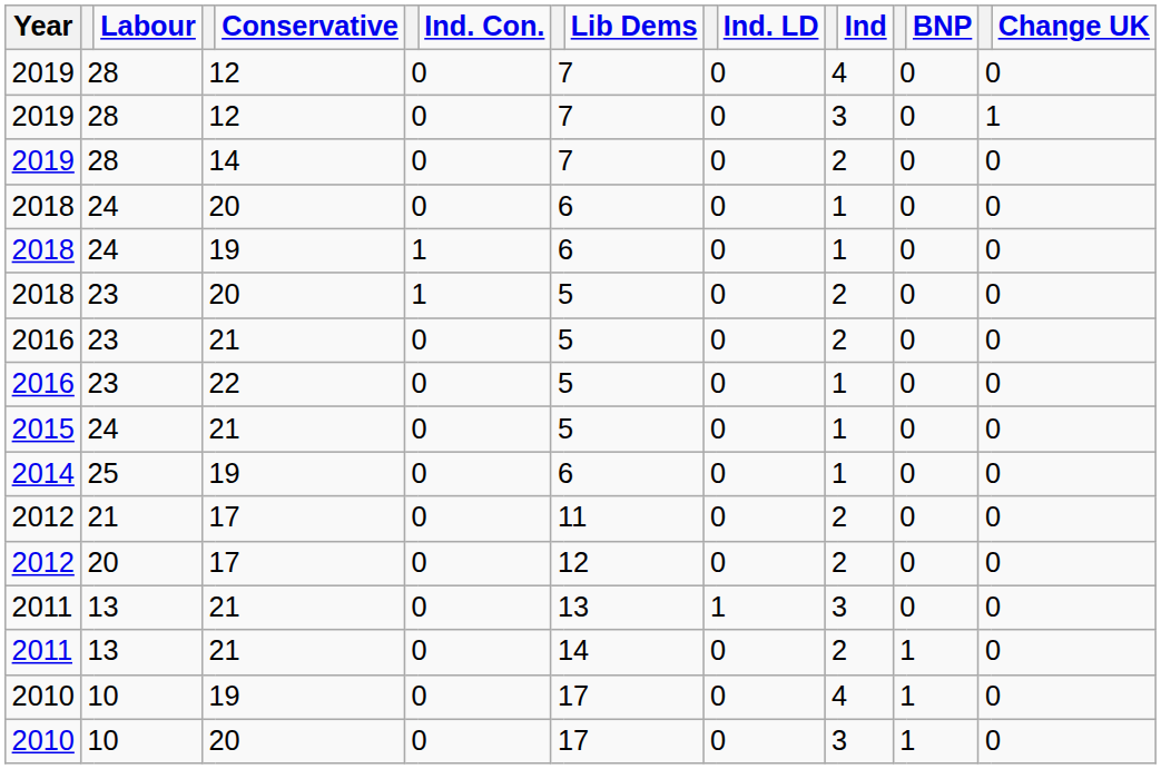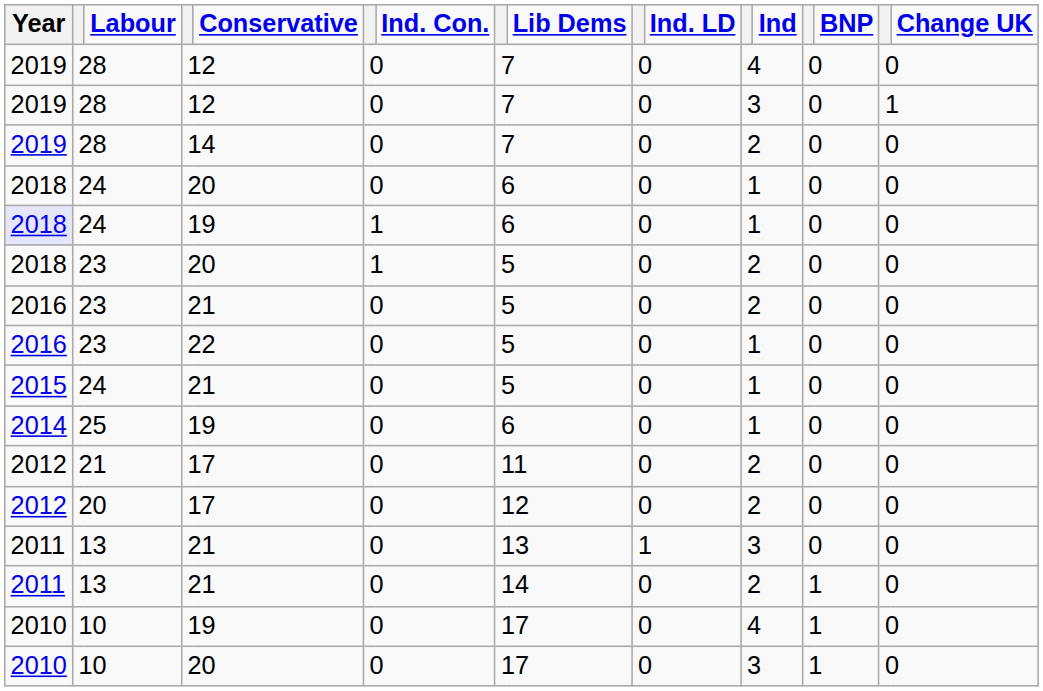 <table class="wikitable">
 <tr>
 <th>Year</th>
 <th style="background-color: "></th>
 <td><strong><a href='#'>Labour</a></strong></td>
 <th style="background-color: "></th>
 <td><strong><a href='#'>Conservative</a></strong></td>
 <th style="background-color: "></th>
 <td><strong><a href='#'>Ind. Con.</a></strong></td>
 <th style="background-color: "></th>
 <td><strong><a href='#'>Lib Dems</a></strong></td>
 <th style="background-color: "></th>
 <td><strong><a href='#'>Ind. LD</a></strong></td>
 <th style="background-color: "></th>
 <td><strong><a href='#'>Ind</a></strong></td>
 <th style="background-color: "></th>
 <td><strong><a href='#'>BNP</a></strong></td>
 <th style="background-color: "></th>
 <td><strong><a href='#'>Change UK</a></strong></td>
 </tr>
 <tr>
 <td>2019</td>
 <td colspan=2>28</td>
 <td colspan=2>12</td>
 <td colspan=2>0</td>
 <td colspan=2>7</td>
 <td colspan=2>0</td>
 <td colspan=2>4</td>
 <td colspan=2>0</td>
 <td colspan=2>0</td>
 </tr>
 <tr>
 <td>2019</td>
 <td colspan=2>28</td>
 <td colspan=2>12</td>
 <td colspan=2>0</td>
 <td colspan=2>7</td>
 <td colspan=2>0</td>
 <td colspan=2>3</td>
 <td colspan=2>0</td>
 <td colspan=2>1</td>
 </tr>
 <tr>
 <td><a href='#'>2019</a></td>
 <td colspan=2>28</td>
 <td colspan=2>14</td>
 <td colspan=2>0</td>
 <td colspan=2>7</td>
 <td colspan=2>0</td>
 <td colspan=2>2</td>
 <td colspan=2>0</td>
 <td colspan=2>0</td>
 </tr>
 <tr>
 <td>2018</td>
 <td colspan=2>24</td>
 <td colspan=2>20</td>
 <td colspan=2>0</td>
 <td colspan=2>6</td>
 <td colspan=2>0</td>
 <td colspan=2>1</td>
 <td colspan=2>0</td>
 <td colspan=2>0</td>
 </tr>
 <tr>
-<td><a href='#'>2018</a></td>
+<td style="background: lavender;"><a href='#'>2018</a></td>
 <td colspan=2>24</td>
 <td colspan=2>19</td>
 <td colspan=2>1</td>
 <td colspan=2>6</td>
 <td colspan=2>0</td>
 <td colspan=2>1</td>
 <td colspan=2>0</td>
 <td colspan=2>0</td>
 </tr>
 <tr>
 <td>2018</td>
 <td colspan=2>23</td>
 <td colspan=2>20</td>
 <td colspan=2>1</td>
 <td colspan=2>5</td>
 <td colspan=2>0</td>
 <td colspan=2>2</td>
 <td colspan=2>0</td>
 <td colspan=2>0</td>
 </tr>
 <tr>
 <td>2016</td>
 <td colspan=2>23</td>
 <td colspan=2>21</td>
 <td colspan=2>0</td>
 <td colspan=2>5</td>
 <td colspan=2>0</td>
 <td colspan=2>2</td>
 <td colspan=2>0</td>
 <td colspan=2>0</td>
 </tr>
 <tr>
 <td><a href='#'>2016</a></td>
 <td colspan=2>23</td>
 <td colspan=2>22</td>
 <td colspan=2>0</td>
 <td colspan=2>5</td>
 <td colspan=2>0</td>
 <td colspan=2>1</td>
 <td colspan=2>0</td>
 <td colspan=2>0</td>
 </tr>
 <tr>
 <td><a href='#'>2015</a></td>
 <td colspan=2>24</td>
 <td colspan=2>21</td>
 <td colspan=2>0</td>
 <td colspan=2>5</td>
 <td colspan=2>0</td>
 <td colspan=2>1</td>
 <td colspan=2>0</td>
 <td colspan=2>0</td>
 </tr>
 <tr>
 <td><a href='#'>2014</a></td>
 <td colspan=2>25</td>
 <td colspan=2>19</td>
 <td colspan=2>0</td>
 <td colspan=2>6</td>
 <td colspan=2>0</td>
 <td colspan=2>1</td>
 <td colspan=2>0</td>
 <td colspan=2>0</td>
 </tr>
 <tr>
 <td>2012</td>
 <td colspan=2>21</td>
 <td colspan=2>17</td>
 <td colspan=2>0</td>
 <td colspan=2>11</td>
 <td colspan=2>0</td>
 <td colspan=2>2</td>
 <td colspan=2>0</td>
 <td colspan=2>0</td>
 </tr>
 <tr>
 <td><a href='#'>2012</a></td>
 <td colspan=2>20</td>
 <td colspan=2>17</td>
 <td colspan=2>0</td>
 <td colspan=2>12</td>
 <td colspan=2>0</td>
 <td colspan=2>2</td>
 <td colspan=2>0</td>
 <td colspan=2>0</td>
 </tr>
 <tr>
 <td>2011</td>
 <td colspan=2>13</td>
 <td colspan=2>21</td>
 <td colspan=2>0</td>
 <td colspan=2>13</td>
 <td colspan=2>1</td>
 <td colspan=2>3</td>
 <td colspan=2>0</td>
 <td colspan=2>0</td>
 </tr>
 <tr>
 <td><a href='#'>2011</a></td>
 <td colspan=2>13</td>
 <td colspan=2>21</td>
 <td colspan=2>0</td>
 <td colspan=2>14</td>
 <td colspan=2>0</td>
 <td colspan=2>2</td>
 <td colspan=2>1</td>
 <td colspan=2>0</td>
 </tr>
 <tr>
 <td>2010</td>
 <td colspan=2>10</td>
 <td colspan=2>19</td>
 <td colspan=2>0</td>
 <td colspan=2>17</td>
 <td colspan=2>0</td>
 <td colspan=2>4</td>
 <td colspan=2>1</td>
 <td colspan=2>0</td>
 </tr>
 <tr>
 <td><a href='#'>2010</a></td>
 <td colspan=2>10</td>
 <td colspan=2>20</td>
 <td colspan=2>0</td>
 <td colspan=2>17</td>
 <td colspan=2>0</td>
 <td colspan=2>3</td>
 <td colspan=2>1</td>
 <td colspan=2>0</td>
 </tr>
 </table>
